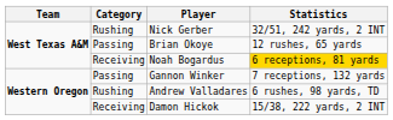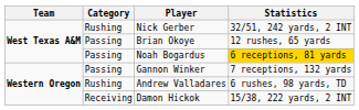 <table class="wikitable" style="float: left;">
 <tr>
 <th>Team</th>
 <th>Category</th>
 <th>Player</th>
 <th>Statistics</th>
 </tr>
 <tr>
 <td rowspan=3><strong>West Texas A&M</strong></td>
 <td>Rushing</td>
 <td>Nick Gerber</td>
 <td>32/51, 242 yards, 2 INT</td>
 </tr>
 <tr>
 <td>Passing</td>
 <td>Brian Okoye</td>
 <td>12 rushes, 65 yards</td>
 </tr>
 <tr>
-<td>Receiving</td>
+<td>Passing</td>
 <td>Noah Bogardus</td>
 <td style="background: gold;">6 receptions, 81 yards</td>
 </tr>
 <tr>
 <td rowspan=3><strong>Western Oregon</strong></td>
 <td>Passing</td>
 <td>Gannon Winker</td>
 <td>7 receptions, 132 yards</td>
 </tr>
 <tr>
 <td>Rushing</td>
 <td>Andrew Valladares</td>
 <td>6 rushes, 98 yards, TD</td>
 </tr>
 <tr>
 <td>Receiving</td>
 <td>Damon Hickok</td>
 <td>15/38, 222 yards, 2 INT</td>
 </tr>
 </table>
